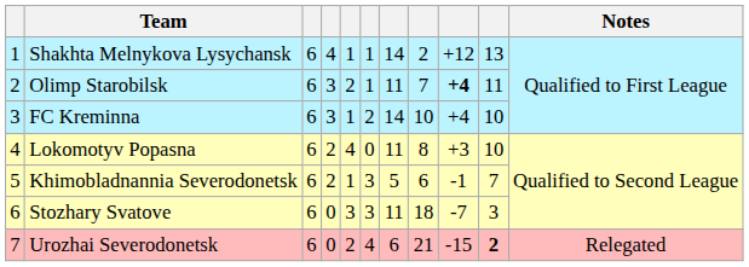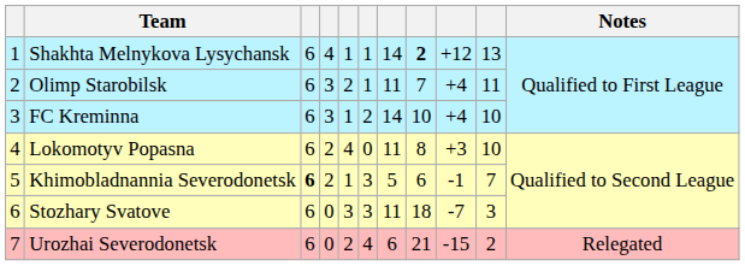 <table class="wikitable" style="text-align: center">
 <tr>
 <th></th>
 <th>Team</th>
 <th></th>
 <th></th>
 <th></th>
 <th></th>
 <th></th>
 <th></th>
 <th></th>
 <th></th>
 <th>Notes</th>
 </tr>
 <tr bgcolor=#BBF3FF>
 <td>1</td>
 <td align=left>Shakhta Melnykova Lysychansk</td>
 <td>6</td>
 <td>4</td>
 <td>1</td>
 <td>1</td>
 <td>14</td>
-<td>2</td>
+<td><strong>2</strong></td>
 <td>+12</td>
 <td>13</td>
 <td rowspan=3>Qualified to First League</td>
 </tr>
 <tr bgcolor=#BBF3FF>
 <td>2</td>
 <td align=left>Olimp Starobilsk</td>
 <td>6</td>
 <td>3</td>
 <td>2</td>
 <td>1</td>
 <td>11</td>
 <td>7</td>
-<td><strong>+4</strong></td>
+<td>+4</td>
 <td>11</td>
 </tr>
 <tr bgcolor=#BBF3FF>
 <td>3</td>
 <td align=left>FC Kreminna</td>
 <td>6</td>
 <td>3</td>
 <td>1</td>
 <td>2</td>
 <td>14</td>
 <td>10</td>
 <td>+4</td>
 <td>10</td>
 </tr>
 <tr bgcolor=#FFFFBB>
 <td>4</td>
 <td align=left>Lokomotyv Popasna</td>
 <td>6</td>
 <td>2</td>
 <td>4</td>
 <td>0</td>
 <td>11</td>
 <td>8</td>
 <td>+3</td>
 <td>10</td>
 <td rowspan=3>Qualified to Second League</td>
 </tr>
 <tr bgcolor=#FFFFBB>
 <td>5</td>
 <td align=left>Khimobladnannia Severodonetsk</td>
-<td>6</td>
+<td><strong>6</strong></td>
 <td>2</td>
 <td>1</td>
 <td>3</td>
 <td>5</td>
 <td>6</td>
 <td>-1</td>
 <td>7</td>
 </tr>
 <tr bgcolor=#FFFFBB>
 <td>6</td>
 <td align=left>Stozhary Svatove</td>
 <td>6</td>
 <td>0</td>
 <td>3</td>
 <td>3</td>
 <td>11</td>
 <td>18</td>
 <td>-7</td>
 <td>3</td>
 </tr>
 <tr bgcolor=#FFBBBB>
 <td>7</td>
 <td align=left>Urozhai Severodonetsk</td>
 <td>6</td>
 <td>0</td>
 <td>2</td>
 <td>4</td>
 <td>6</td>
 <td>21</td>
 <td>-15</td>
-<td><strong>2</strong></td>
+<td>2</td>
 <td rowspan=3>Relegated</td>
 </tr>
 </table>
